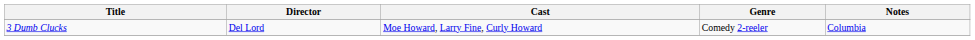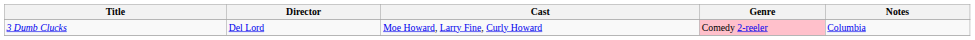 <table class="wikitable" style="width:100%;">
 <tr>
 <th style="width:23%;">Title</th>
 <th style="width:16%;">Director</th>
 <th style="width:33%;">Cast</th>
 <th style="width:13%;">Genre</th>
 <th style="width:15%;">Notes</th>
 </tr>
 <tr>
 </tr>
 <tr>
 <td><em><a href='#'>3 Dumb Clucks</a></em></td>
 <td><a href='#'>Del Lord</a></td>
 <td><a href='#'>Moe Howard</a>, <a href='#'>Larry Fine</a>, <a href='#'>Curly Howard</a></td>
-<td>Comedy <a href='#'>2-reeler</a></td>
+<td style="background: pink;">Comedy <a href='#'>2-reeler</a></td>
 <td><a href='#'>Columbia</a></td>
 </tr>
 <tr>
 </tr>
 </table>
